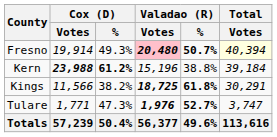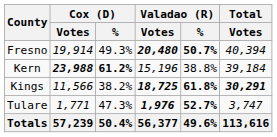 <table class="wikitable sortable" style="text-align:center">
 <tr>
 <th rowspan=2>County</th>
 <th colspan=2>Cox (D)</th>
 <th colspan=2>Valadao (R)</th>
 <th>Total</th>
 </tr>
 <tr>
 <th>Votes</th>
 <th>%</th>
 <th>Votes</th>
 <th>%</th>
 <th data-sort-type=number>Votes</th>
 </tr>
 <tr>
 <td>Fresno</td>
 <td><em>19,914</em></td>
 <td>49.3%</td>
-<td style="background: pink;"><strong><em>20,480</em></strong></td>
+<td><strong><em>20,480</em></strong></td>
 <td><strong>50.7%</strong></td>
-<td style="background: lightyellow;"><em>40,394</em></td>
+<td><em>40,394</em></td>
 </tr>
 <tr>
 <td>Kern</td>
 <td><strong><em>23,988</em></strong></td>
 <td><strong>61.2%</strong></td>
 <td><em>15,196</em></td>
 <td>38.8%</td>
 <td><em>39,184</em></td>
 </tr>
 <tr>
 <td>Kings</td>
 <td><em>11,566</em></td>
 <td>38.2%</td>
 <td><strong><em>18,725</em></strong></td>
 <td><strong>61.8%</strong></td>
-<td><em>30,291</em></td>
+<td><strong><em>30,291</em></strong></td>
 </tr>
 <tr>
 <td>Tulare</td>
 <td><em>1,771</em></td>
 <td>47.3%</td>
 <td><strong><em>1,976</em></strong></td>
 <td><strong>52.7%</strong></td>
 <td><em>3,747</em></td>
 </tr>
 <tr>
 <th>Totals</th>
 <th>57,239</th>
 <th>50.4%</th>
 <th>56,377</th>
 <th>49.6%</th>
 <th>113,616</th>
 </tr>
 </table>
